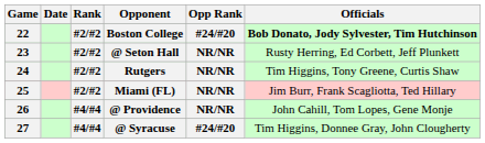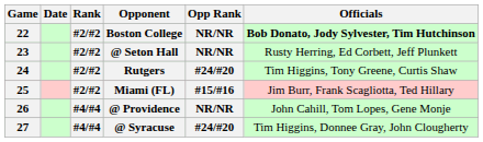 <table class="wikitable">
 <tr>
 <th>Game</th>
 <th>Date</th>
 <th>Rank</th>
 <th>Opponent</th>
 <th>Opp Rank</th>
 <th>Officials</th>
 </tr>
 <tr align="center" bgcolor="#ccffcc">
 <th>22</th>
 <td></td>
 <th>#2/#2</th>
 <th>Boston College</th>
-<th>#24/#20</th>
+<th>NR/NR</th>
 <td><strong>Bob Donato, Jody Sylvester, Tim Hutchinson</strong></td>
 </tr>
 <tr align="center" bgcolor="#ccffcc">
 <th>23</th>
 <td></td>
 <th>#2/#2</th>
 <th>@ Seton Hall</th>
 <th>NR/NR</th>
 <td>Rusty Herring, Ed Corbett, Jeff Plunkett</td>
 </tr>
 <tr align="center" bgcolor="#ccffcc">
 <th>24</th>
 <td></td>
 <th>#2/#2</th>
 <th>Rutgers</th>
-<th>NR/NR</th>
+<th>#24/#20</th>
 <td>Tim Higgins, Tony Greene, Curtis Shaw</td>
 </tr>
 <tr align="center" bgcolor="#ffcccc">
 <th>25</th>
 <td></td>
 <th>#2/#2</th>
 <th>Miami (FL)</th>
-<th>NR/NR</th>
+<th>#15/#16</th>
 <td>Jim Burr, Frank Scagliotta, Ted Hillary</td>
 </tr>
 <tr align="center" bgcolor="#ccffcc">
 <th>26</th>
 <td></td>
 <th>#4/#4</th>
 <th>@ Providence</th>
 <th>NR/NR</th>
 <td>John Cahill, Tom Lopes, Gene Monje</td>
 </tr>
 <tr align="center" bgcolor="#ccffcc">
 <th>27</th>
 <td></td>
 <th>#4/#4</th>
 <th>@ Syracuse</th>
 <th>#24/#20</th>
 <td>Tim Higgins, Donnee Gray, John Clougherty</td>
 </tr>
 </table>
